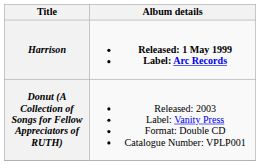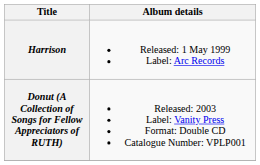 <table class="wikitable plainrowheaders" style="text-align:center;" border="1">
 <tr>
 <th scope="col" rowspan="1" style="width:8em;">Title</th>
 <th scope="col" rowspan="1" style="width:16em;">Album details</th>
 </tr>
 <tr>
 <th scope="row"><em>Harrison</em></th>
-<td><strong><br><ul><li>Released: 1 May 1999</li><li>Label: <a href='#'>Arc Records</a></li></ul></strong></td>
+<td><br><ul><li>Released: 1 May 1999</li><li>Label: <a href='#'>Arc Records</a></li></ul></td>
 </tr>
 <tr>
 <th scope="row"><em>Donut (A Collection of Songs for Fellow Appreciators of RUTH)</em></th>
 <td><br><ul><li>Released: 2003</li><li>Label: <a href='#'>Vanity Press</a></li><li>Format: Double CD</li><li>Catalogue Number: VPLP001</li></ul></td>
 </tr>
 <tr>
 </tr>
 </table>
